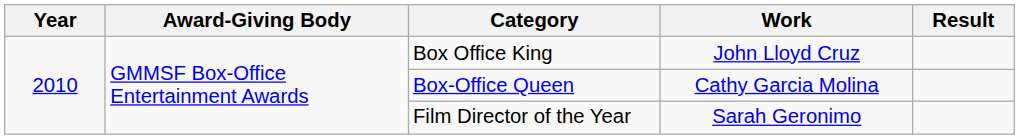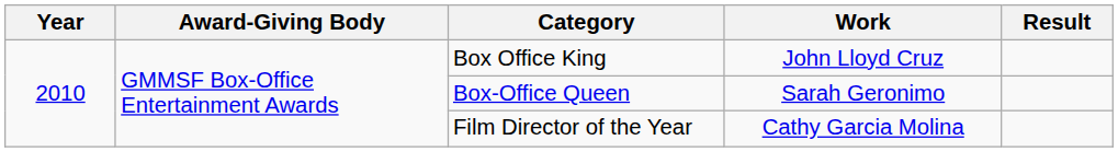 <table | width="90%" class="wikitable sortable">
 <tr>
 <th width="10%">Year</th>
 <th width="30%">Award-Giving Body</th>
 <th width="25%">Category</th>
 <th width="25%">Work</th>
 <th width="10%">Result</th>
 </tr>
 <tr>
 <td rowspan="3" align="center"><a href='#'>2010</a></td>
 <td rowspan="3" align="left"><a href='#'>GMMSF Box-Office Entertainment Awards</a></td>
 <td align="left">Box Office King</td>
 <td align="center"><a href='#'>John Lloyd Cruz</a></td>
 <td></td>
 </tr>
 <tr>
 <td><a href='#'>Box-Office Queen</a></td>
-<td align=center><a href='#'>Cathy Garcia Molina</a></td>
+<td align=center><a href='#'>Sarah Geronimo</a></td>
 <td></td>
 </tr>
 <tr>
 <td>Film Director of the Year</td>
-<td align=center><a href='#'>Sarah Geronimo</a></td>
+<td align=center><a href='#'>Cathy Garcia Molina</a></td>
 <td></td>
 </tr>
 </table>
